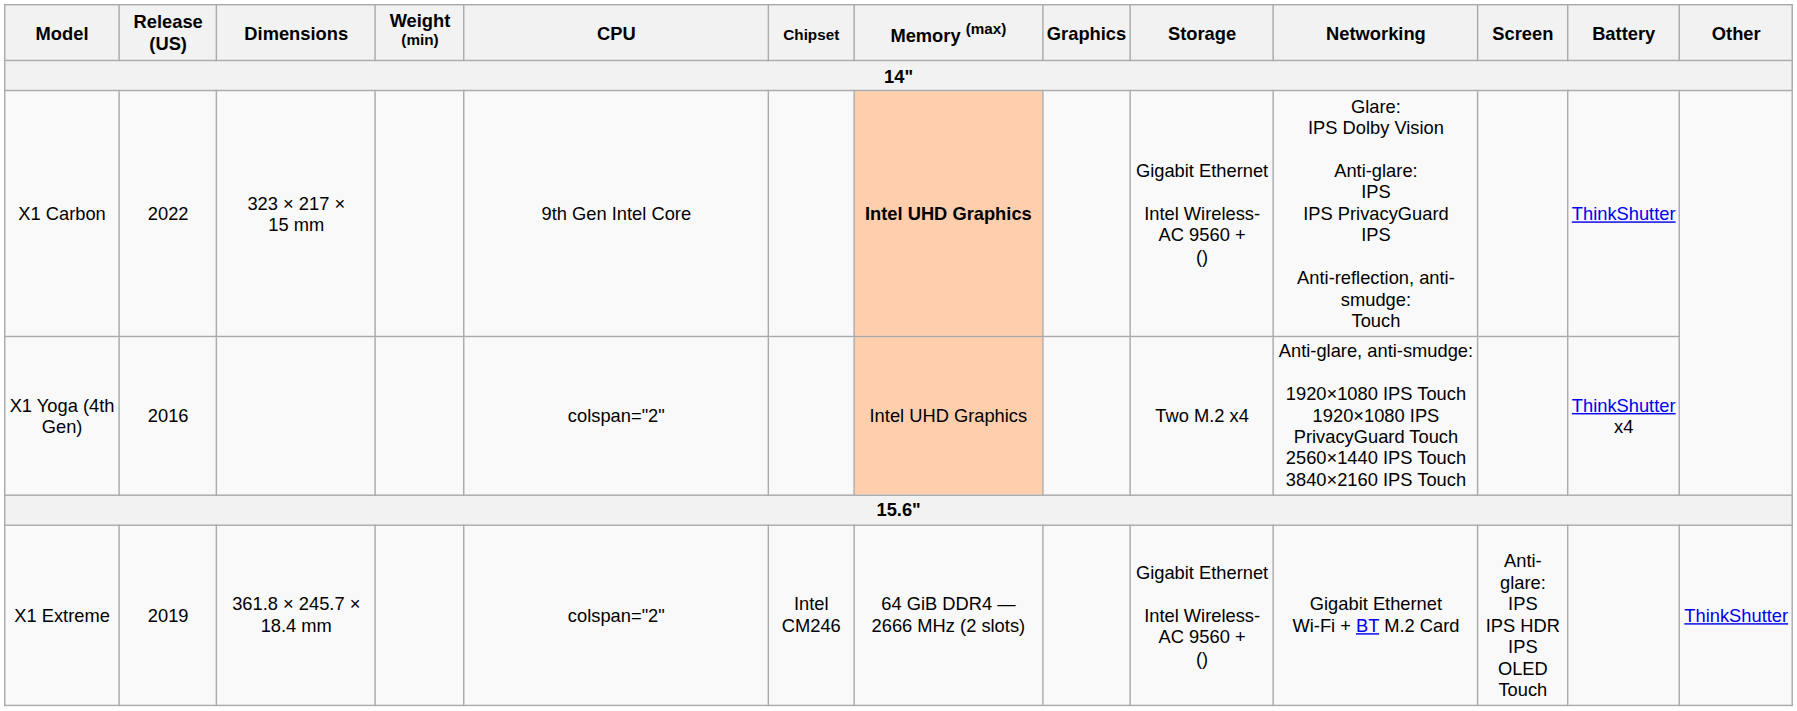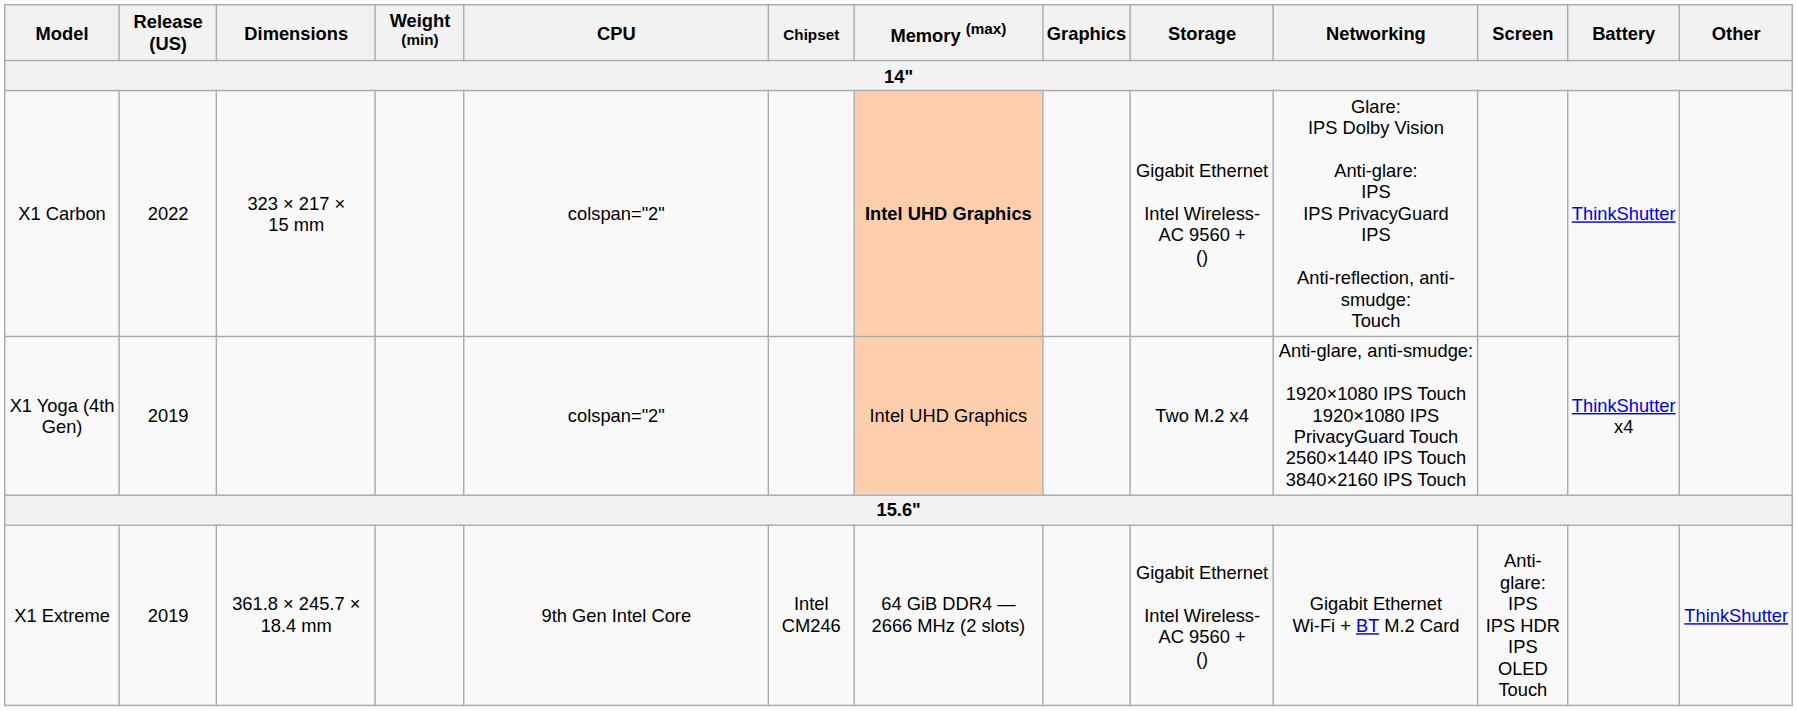 <table class="wikitable" style="font-size: 80%; text-align: center; min-width: 80%;">
 <tr>
 <th>Model</th>
 <th>Release (US)</th>
 <th>Dimensions</th>
 <th>Weight <sup>(min)</sup></th>
 <th style="width:17%">CPU</th>
 <th><small>Chipset</small></th>
 <th>Memory <sup>(max)</sup></th>
 <th>Graphics</th>
 <th>Storage</th>
 <th>Networking</th>
 <th>Screen</th>
 <th>Battery</th>
 <th>Other</th>
 </tr>
 <tr>
 <th colspan=13>14"</th>
 </tr>
 <tr>
 <td>X1 Carbon </td>
 <td>2022</td>
 <td>323 × 217 × 15 mm</td>
 <td></td>
-<td style="background:">9th Gen Intel Core</td>
+<td>colspan="2" </td>
 <td></td>
 <td style="background:#ffcead;"><strong>Intel UHD Graphics</strong></td>
 <td></td>
 <td> Gigabit Ethernet<br><br>Intel Wireless-AC 9560  + <br> ()<br><small></small></td>
 <td style="background:">Glare: <br> IPS Dolby Vision<br><br>Anti-glare: <br> IPS<br> IPS PrivacyGuard<br> IPS<br><br>Anti-reflection, anti-smudge: <br> Touch</td>
 <td></td>
 <td><a href='#'>ThinkShutter</a><br></td>
 </tr>
 <tr>
 <td>X1 Yoga (4th Gen)</td>
-<td>2016</td>
+<td>2019</td>
 <td></td>
 <td></td>
 <td>colspan="2" </td>
 <td></td>
 <td style="background:#ffcead;">Intel UHD Graphics</td>
 <td></td>
 <td style="background:">Two M.2 x4</td>
 <td style="background:">Anti-glare, anti-smudge: <br><br>1920×1080 IPS Touch<br> 1920×1080 IPS PrivacyGuard Touch<br> 2560×1440 IPS Touch<br> 3840×2160 IPS Touch</td>
 <td></td>
 <td><a href='#'>ThinkShutter</a><br> x4</td>
 </tr>
 <tr>
 <th colspan=13>15.6"</th>
 </tr>
 <tr>
 <td>X1 Extreme </td>
 <td>2019</td>
 <td>361.8 × 245.7 × 18.4 mm</td>
 <td></td>
-<td>colspan="2" </td>
+<td style="background:">9th Gen Intel Core</td>
 <td>Intel CM246</td>
 <td style="background:">64 GiB DDR4 — 2666 MHz (2 slots)</td>
 <td></td>
 <td> Gigabit Ethernet<br><br>Intel Wireless-AC 9560  + <br> ()<br><small></small></td>
 <td> Gigabit Ethernet<br>Wi-Fi + <a href='#'>BT</a> M.2 Card</td>
 <td style="background:"><br>Anti-glare: <br>  IPS <br>  IPS HDR<br>  IPS<br>  OLED Touch</td>
 <td></td>
 <td><a href='#'>ThinkShutter</a><br></td>
 </tr>
 </table>
